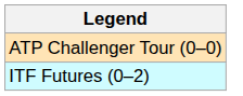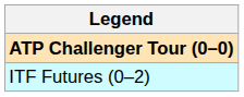 <table class="wikitable">
 <tr>
 <th>Legend</th>
 </tr>
 <tr style="background:moccasin;">
-<td>ATP Challenger Tour (0–0)</td>
+<td><strong>ATP Challenger Tour (0–0)</strong></td>
 </tr>
 <tr style="background:#cffcff;">
 <td>ITF Futures (0–2)</td>
 </tr>
 </table>
